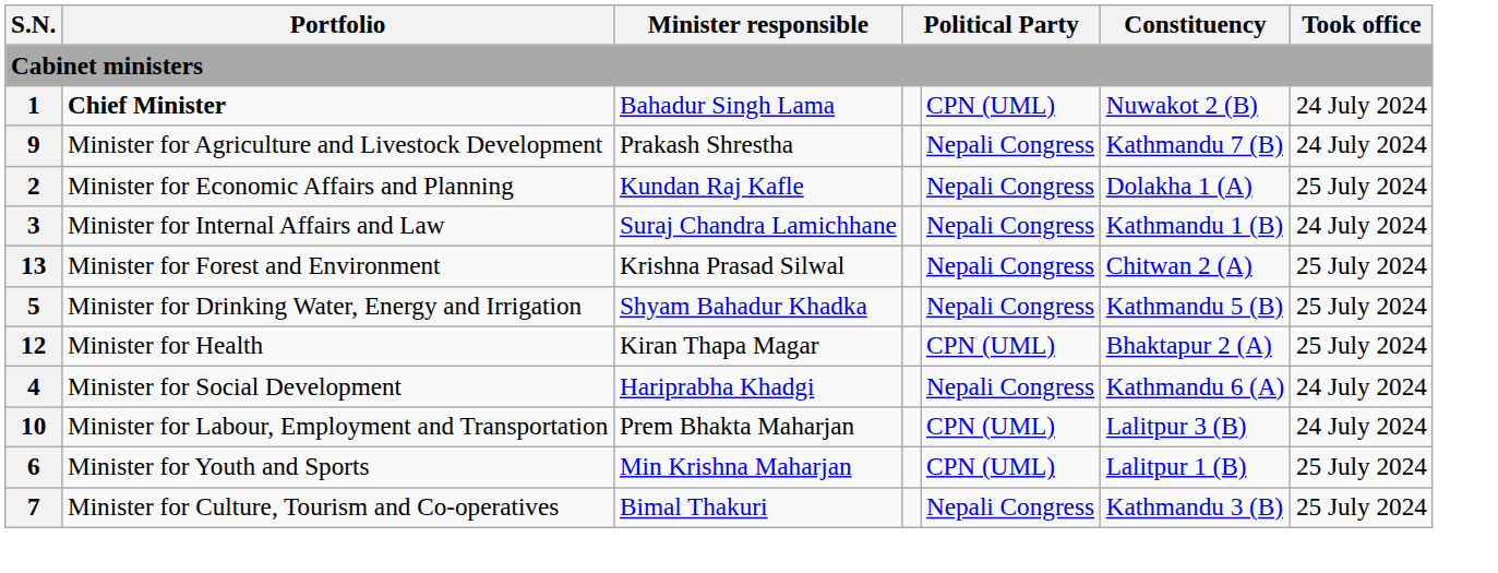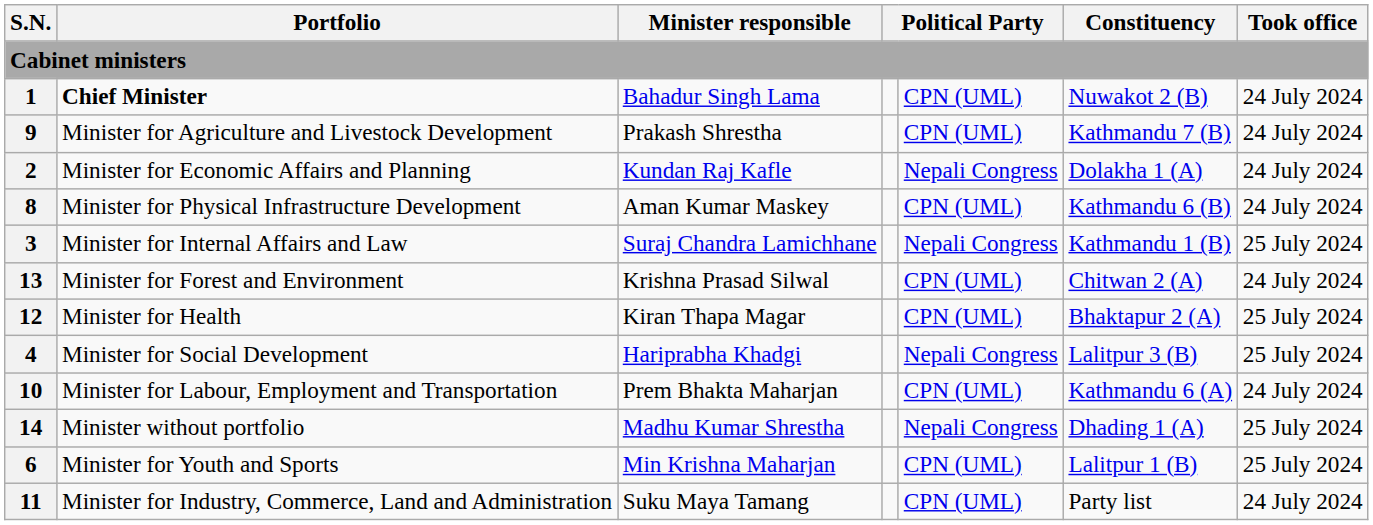 <table class="wikitable">
 <tr>
 <th>S.N.</th>
 <th>Portfolio</th>
 <th>Minister responsible</th>
 <th colspan="2">Political Party</th>
 <th>Constituency</th>
 <th>Took office</th>
 </tr>
 <tr>
 <td colspan="7" bgcolor="darkgrey"><strong>Cabinet ministers</strong></td>
 </tr>
 <tr>
 <th>1</th>
 <td><strong>Chief Minister</strong></td>
 <td><a href='#'>Bahadur Singh Lama</a></td>
 <td width="4px"></td>
 <td><a href='#'>CPN (UML)</a></td>
 <td><a href='#'>Nuwakot 2 (B)</a></td>
 <td>24 July 2024</td>
 </tr>
 <tr>
 <th>9</th>
 <td>Minister for Agriculture and Livestock Development</td>
 <td>Prakash Shrestha</td>
 <td width="4px"></td>
-<td><a href='#'>Nepali Congress</a></td>
+<td><a href='#'>CPN (UML)</a></td>
 <td><a href='#'>Kathmandu 7 (B)</a></td>
 <td>24 July 2024</td>
 </tr>
 <tr>
 <th>2</th>
 <td>Minister for Economic Affairs and Planning</td>
 <td><a href='#'>Kundan Raj Kafle</a></td>
 <td width="4px"></td>
 <td><a href='#'>Nepali Congress</a></td>
 <td><a href='#'>Dolakha 1 (A)</a></td>
-<td>25 July 2024</td>
+<td>24 July 2024</td>
+</tr>
+<tr>
+<th>8</th>
+<td>Minister for Physical Infrastructure Development</td>
+<td>Aman Kumar Maskey</td>
+<td width="4px"></td>
+<td><a href='#'>CPN (UML)</a></td>
+<td><a href='#'>Kathmandu 6 (B)</a></td>
+<td>24 July 2024</td>
 </tr>
 <tr>
 <th>3</th>
 <td>Minister for Internal Affairs and Law</td>
 <td><a href='#'>Suraj Chandra Lamichhane</a></td>
 <td width="4px"></td>
 <td><a href='#'>Nepali Congress</a></td>
 <td><a href='#'>Kathmandu 1 (B)</a></td>
-<td>24 July 2024</td>
+<td>25 July 2024</td>
 </tr>
 <tr>
 <th>13</th>
 <td>Minister for Forest and Environment</td>
 <td>Krishna Prasad Silwal</td>
 <td width="4px"></td>
-<td><a href='#'>Nepali Congress</a></td>
+<td><a href='#'>CPN (UML)</a></td>
 <td><a href='#'>Chitwan 2 (A)</a></td>
-<td>25 July 2024</td>
-</tr>
-<tr>
-<th>5</th>
-<td>Minister for Drinking Water, Energy and Irrigation</td>
-<td><a href='#'>Shyam Bahadur Khadka</a></td>
-<td width="4px"></td>
-<td><a href='#'>Nepali Congress</a></td>
-<td><a href='#'>Kathmandu 5 (B)</a></td>
-<td>25 July 2024</td>
+<td>24 July 2024</td>
 </tr>
 <tr>
 <th>12</th>
 <td>Minister for Health</td>
 <td>Kiran Thapa Magar</td>
 <td width="4px"></td>
 <td><a href='#'>CPN (UML)</a></td>
 <td><a href='#'>Bhaktapur 2 (A)</a></td>
 <td>25 July 2024</td>
 </tr>
 <tr>
 <th>4</th>
 <td>Minister for Social Development</td>
 <td><a href='#'>Hariprabha Khadgi</a></td>
 <td width="4px"></td>
 <td><a href='#'>Nepali Congress</a></td>
-<td><a href='#'>Kathmandu 6 (A)</a></td>
-<td>24 July 2024</td>
+<td><a href='#'>Lalitpur 3 (B)</a></td>
+<td>25 July 2024</td>
 </tr>
 <tr>
 <th>10</th>
 <td>Minister for Labour, Employment and Transportation</td>
 <td>Prem Bhakta Maharjan</td>
 <td width="4px"></td>
 <td><a href='#'>CPN (UML)</a></td>
-<td><a href='#'>Lalitpur 3 (B)</a></td>
+<td><a href='#'>Kathmandu 6 (A)</a></td>
 <td>24 July 2024</td>
+</tr>
+<tr>
+<th>14</th>
+<td>Minister without portfolio</td>
+<td><a href='#'>Madhu Kumar Shrestha</a></td>
+<td width="4px"></td>
+<td><a href='#'>Nepali Congress</a></td>
+<td><a href='#'>Dhading 1 (A)</a></td>
+<td>25 July 2024</td>
 </tr>
 <tr>
 <th>6</th>
 <td>Minister for Youth and Sports</td>
 <td><a href='#'>Min Krishna Maharjan</a></td>
 <td width="4px"></td>
 <td><a href='#'>CPN (UML)</a></td>
 <td><a href='#'>Lalitpur 1 (B)</a></td>
 <td>25 July 2024</td>
 </tr>
 <tr>
-<th>7</th>
-<td>Minister for Culture, Tourism and Co-operatives</td>
-<td><a href='#'>Bimal Thakuri</a></td>
+<th>11</th>
+<td>Minister for Industry, Commerce, Land and Administration</td>
+<td>Suku Maya Tamang</td>
 <td width="4px"></td>
-<td><a href='#'>Nepali Congress</a></td>
-<td><a href='#'>Kathmandu 3 (B)</a></td>
-<td>25 July 2024</td>
+<td><a href='#'>CPN (UML)</a></td>
+<td>Party list</td>
+<td>24 July 2024</td>
 </tr>
 </table>
